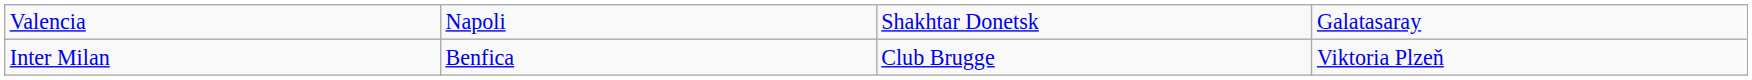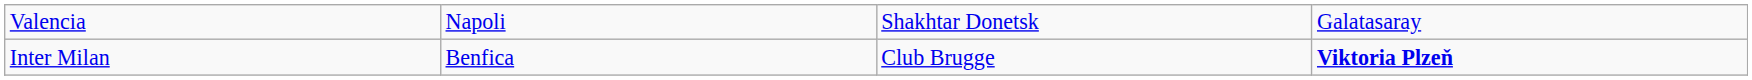 <table class="wikitable" style="table-layout:fixed;width:100%;">
 <tr>
 <td width=25%> <a href='#'>Valencia</a> </td>
 <td width=25%> <a href='#'>Napoli</a> </td>
 <td width=25%> <a href='#'>Shakhtar Donetsk</a> </td>
 <td width=25%> <a href='#'>Galatasaray</a> </td>
 </tr>
 <tr>
 <td> <a href='#'>Inter Milan</a> </td>
 <td> <a href='#'>Benfica</a> </td>
 <td> <a href='#'>Club Brugge</a> </td>
-<td> <a href='#'>Viktoria Plzeň</a> </td>
+<td><strong> <a href='#'>Viktoria Plzeň</a> </strong></td>
 </tr>
 </table>
